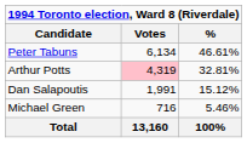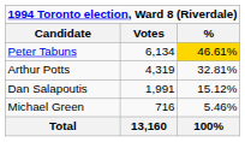 <table class="wikitable">
 <tr>
 <td Colspan="3" align="center"><strong><a href='#'>1994 Toronto election</a>, Ward 8 (Riverdale)</strong></td>
 </tr>
 <tr>
 <th bgcolor="#DDDDFF" width="150px">Candidate</th>
 <th bgcolor="#DDDDFF">Votes</th>
 <th bgcolor="#DDDDFF">%</th>
 </tr>
 <tr>
 <td><a href='#'>Peter Tabuns</a></td>
 <td align=right>6,134</td>
-<td align=right>46.61%</td>
+<td align=right style="background: gold;">46.61%</td>
 </tr>
 <tr>
 <td>Arthur Potts</td>
-<td align=right style="background: pink;">4,319</td>
+<td align=right>4,319</td>
 <td align=right>32.81%</td>
 </tr>
 <tr>
 <td>Dan Salapoutis</td>
 <td align=right>1,991</td>
 <td align=right>15.12%</td>
 </tr>
 <tr>
 <td>Michael Green</td>
 <td align=right>716</td>
 <td align=right>5.46%</td>
 </tr>
 <tr>
 <th>Total</th>
 <th align=right>13,160</th>
 <th align=right>100%</th>
 </tr>
 </table>
